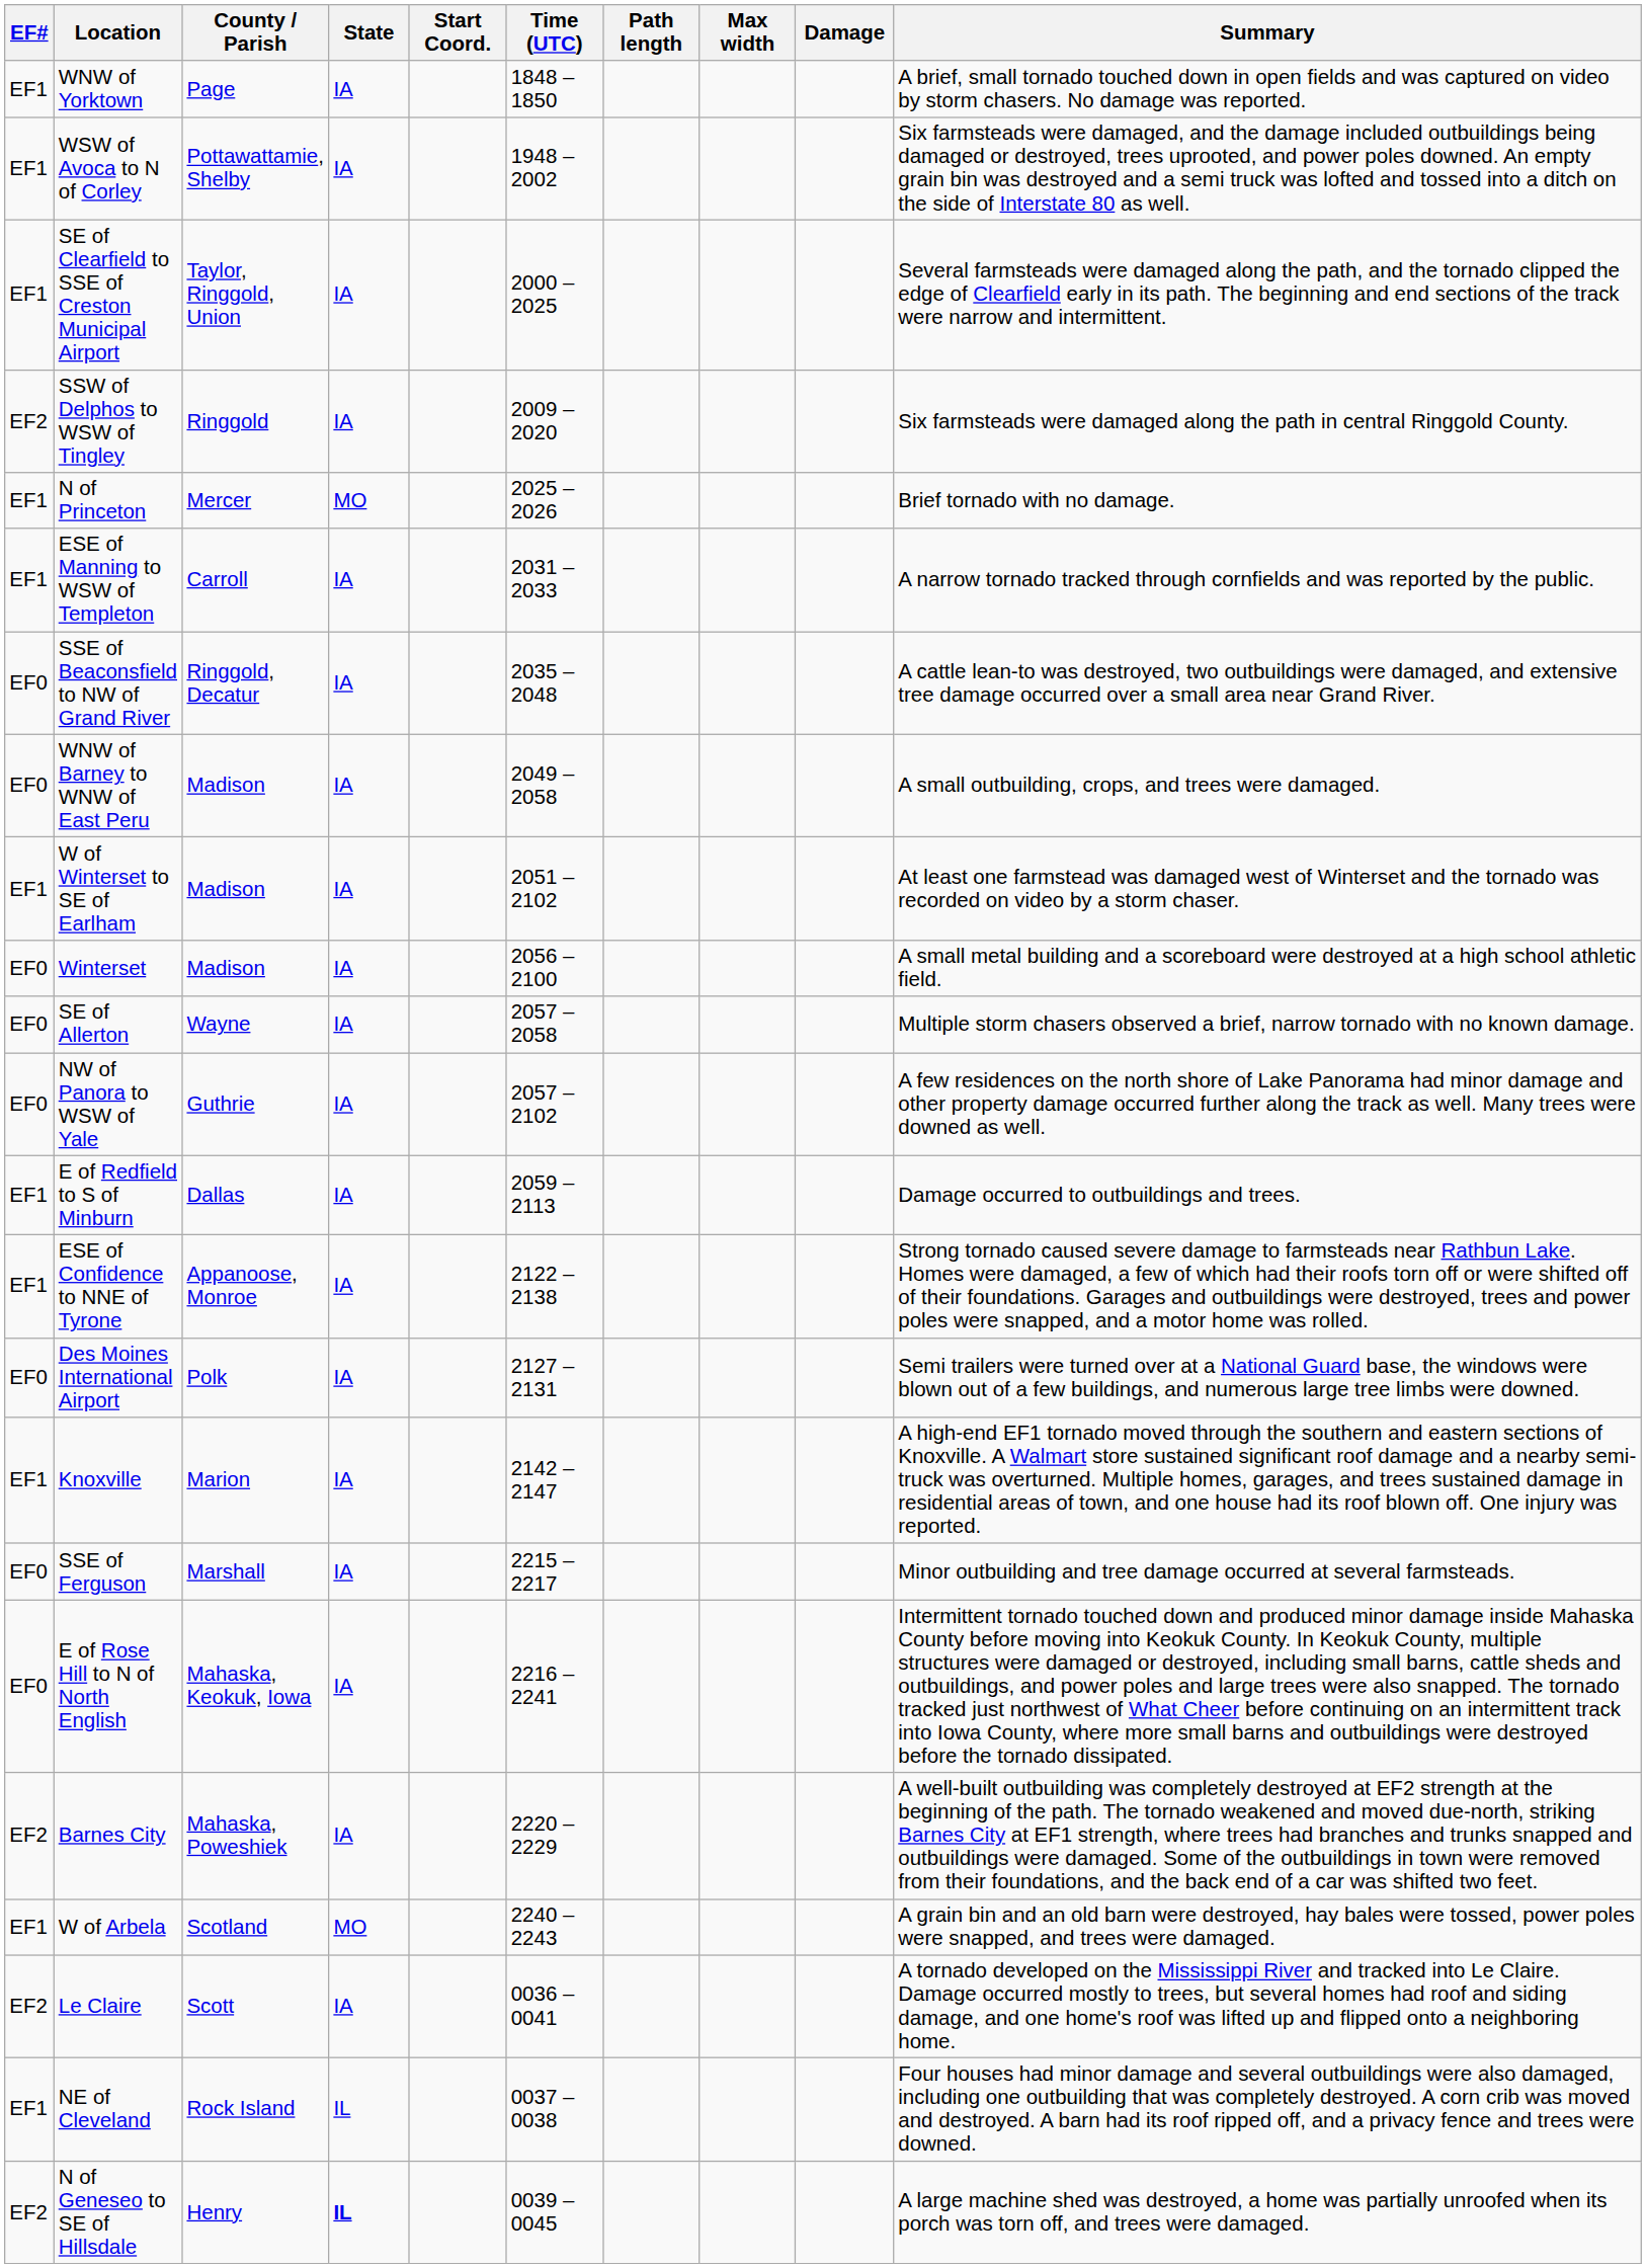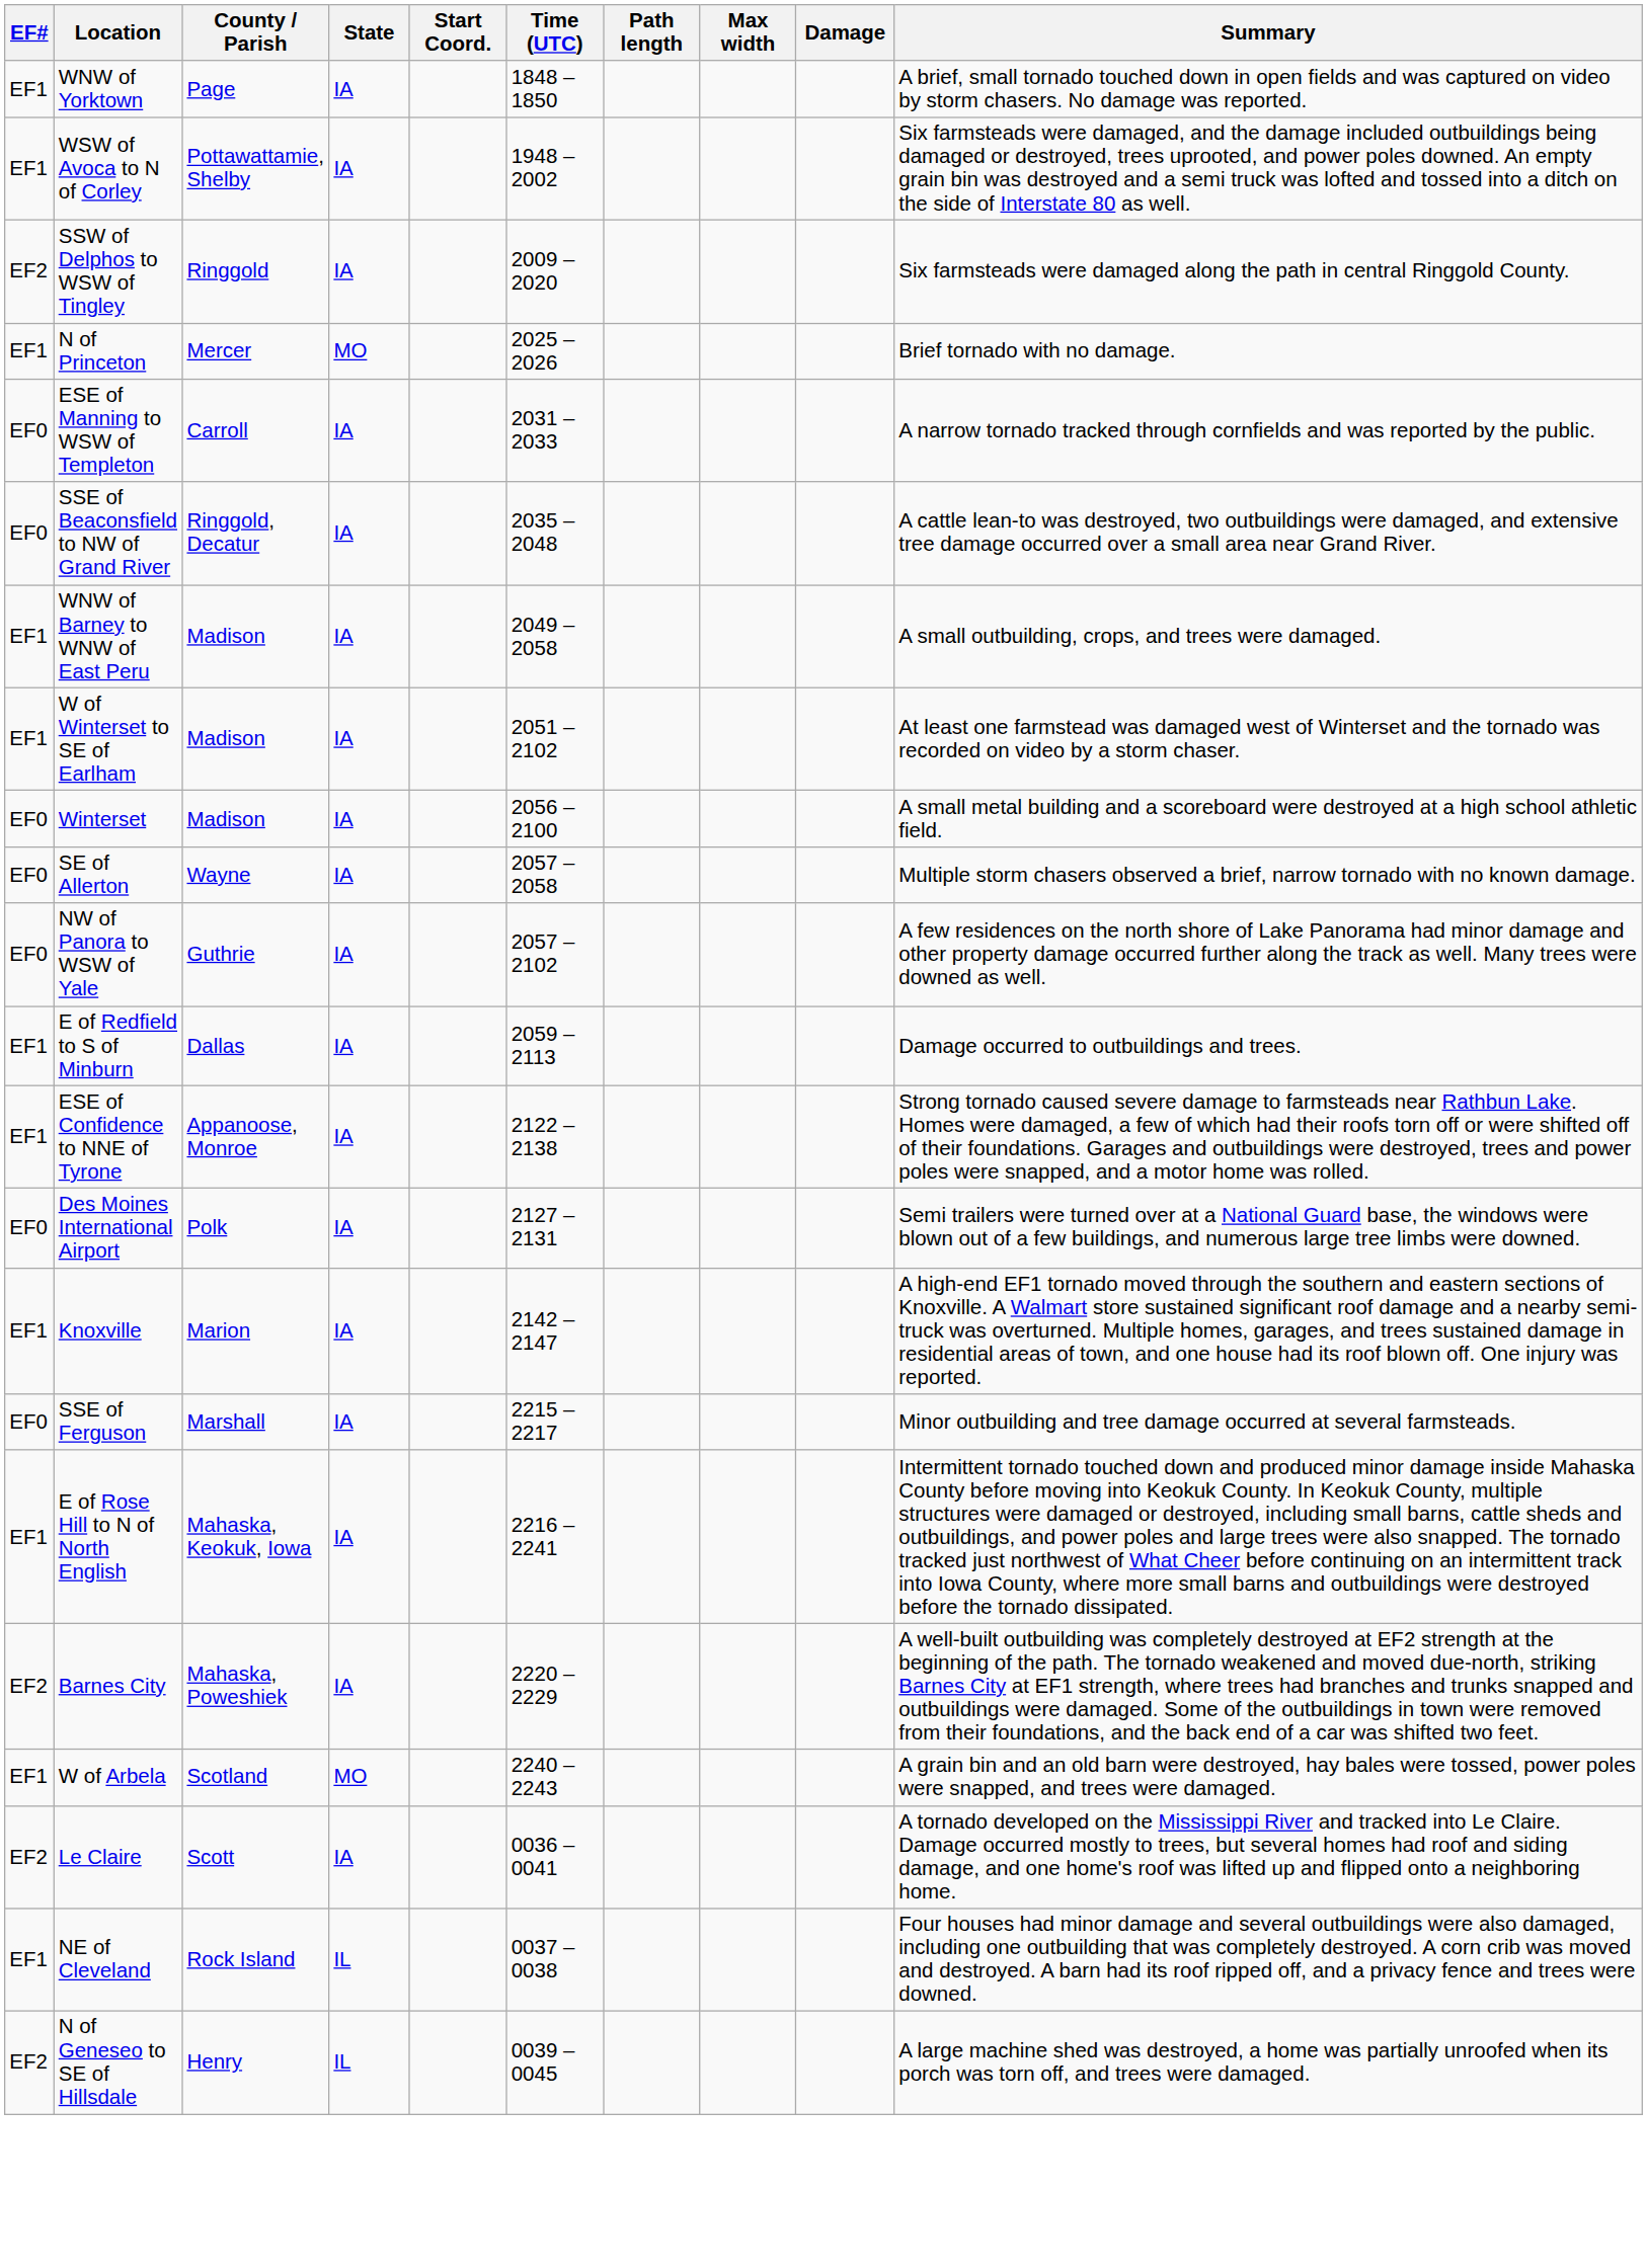 <table class="wikitable sortable" style="width:100%;">
 <tr>
 <th scope="col"  style="width:3%; text-align:center;"><a href='#'>EF#</a></th>
 <th scope"col"  style="width:7%; text-align:center;" class="unsortable">Location</th>
 <th scope="col"  style="width:6%; text-align:center;" class="unsortable">County / Parish</th>
 <th scope="col"  style="width:5%; text-align:center;">State</th>
 <th scope="col"  style="width:6%; text-align:center;">Start Coord.</th>
 <th scope="col"  style="width:6%; text-align:center;">Time (<a href='#'>UTC</a>)</th>
 <th scope="col"  style="width:6%; text-align:center;">Path length</th>
 <th scope="col"  style="width:6%; text-align:center;">Max width</th>
 <th scope="col"  style="width:6%; text-align:center;">Damage</th>
 <th scope="col" class="unsortable" style="width:48%; text-align:center;">Summary</th>
 </tr>
 <tr>
 <td>EF1</td>
 <td>WNW of <a href='#'>Yorktown</a></td>
 <td><a href='#'>Page</a></td>
 <td><a href='#'>IA</a></td>
 <td></td>
 <td>1848 – 1850</td>
 <td></td>
 <td></td>
 <td></td>
 <td>A brief, small tornado touched down in open fields and was captured on video by storm chasers. No damage was reported.</td>
 </tr>
 <tr>
 <td>EF1</td>
 <td>WSW of <a href='#'>Avoca</a> to N of <a href='#'>Corley</a></td>
 <td><a href='#'>Pottawattamie</a>, <a href='#'>Shelby</a></td>
 <td><a href='#'>IA</a></td>
 <td></td>
 <td>1948 – 2002</td>
 <td></td>
 <td></td>
 <td></td>
 <td>Six farmsteads were damaged, and the damage included outbuildings being damaged or destroyed, trees uprooted, and power poles downed. An empty grain bin was destroyed and a semi truck was lofted and tossed into a ditch on the side of <a href='#'>Interstate 80</a> as well.</td>
 </tr>
 <tr>
-<td>EF1</td>
-<td>SE of <a href='#'>Clearfield</a> to SSE of <a href='#'>Creston Municipal Airport</a></td>
-<td><a href='#'>Taylor</a>, <a href='#'>Ringgold</a>, <a href='#'>Union</a></td>
-<td><a href='#'>IA</a></td>
-<td></td>
-<td>2000 – 2025</td>
-<td></td>
-<td></td>
-<td></td>
-<td>Several farmsteads were damaged along the path, and the tornado clipped the edge of <a href='#'>Clearfield</a> early in its path. The beginning and end sections of the track were narrow and intermittent.</td>
-</tr>
-<tr>
 <td>EF2</td>
 <td>SSW of <a href='#'>Delphos</a> to WSW of <a href='#'>Tingley</a></td>
 <td><a href='#'>Ringgold</a></td>
 <td><a href='#'>IA</a></td>
 <td></td>
 <td>2009 – 2020</td>
 <td></td>
 <td></td>
 <td></td>
 <td>Six farmsteads were damaged along the path in central Ringgold County.</td>
 </tr>
 <tr>
 <td>EF1</td>
 <td>N of <a href='#'>Princeton</a></td>
 <td><a href='#'>Mercer</a></td>
 <td><a href='#'>MO</a></td>
 <td></td>
 <td>2025 – 2026</td>
 <td></td>
 <td></td>
 <td></td>
 <td>Brief tornado with no damage.</td>
 </tr>
 <tr>
-<td>EF1</td>
+<td>EF0</td>
 <td>ESE of <a href='#'>Manning</a> to WSW of <a href='#'>Templeton</a></td>
 <td><a href='#'>Carroll</a></td>
 <td><a href='#'>IA</a></td>
 <td></td>
 <td>2031 – 2033</td>
 <td></td>
 <td></td>
 <td></td>
 <td>A narrow tornado tracked through cornfields and was reported by the public.</td>
 </tr>
 <tr>
 <td>EF0</td>
 <td>SSE of <a href='#'>Beaconsfield</a> to NW of <a href='#'>Grand River</a></td>
 <td><a href='#'>Ringgold</a>, <a href='#'>Decatur</a></td>
 <td><a href='#'>IA</a></td>
 <td></td>
 <td>2035 – 2048</td>
 <td></td>
 <td></td>
 <td></td>
 <td>A cattle lean-to was destroyed, two outbuildings were damaged, and extensive tree damage occurred over a small area near Grand River.</td>
 </tr>
 <tr>
-<td>EF0</td>
+<td>EF1</td>
 <td>WNW of <a href='#'>Barney</a> to WNW of <a href='#'>East Peru</a></td>
 <td><a href='#'>Madison</a></td>
 <td><a href='#'>IA</a></td>
 <td></td>
 <td>2049 – 2058</td>
 <td></td>
 <td></td>
 <td></td>
 <td>A small outbuilding, crops, and trees were damaged.</td>
 </tr>
 <tr>
 <td>EF1</td>
 <td>W of <a href='#'>Winterset</a> to SE of <a href='#'>Earlham</a></td>
 <td><a href='#'>Madison</a></td>
 <td><a href='#'>IA</a></td>
 <td></td>
 <td>2051 – 2102</td>
 <td></td>
 <td></td>
 <td></td>
 <td>At least one farmstead was damaged west of Winterset and the tornado was recorded on video by a storm chaser.</td>
 </tr>
 <tr>
 <td>EF0</td>
 <td><a href='#'>Winterset</a></td>
 <td><a href='#'>Madison</a></td>
 <td><a href='#'>IA</a></td>
 <td></td>
 <td>2056 – 2100</td>
 <td></td>
 <td></td>
 <td></td>
 <td>A small metal building and a scoreboard were destroyed at a high school athletic field.</td>
 </tr>
 <tr>
 <td>EF0</td>
 <td>SE of <a href='#'>Allerton</a></td>
 <td><a href='#'>Wayne</a></td>
 <td><a href='#'>IA</a></td>
 <td></td>
 <td>2057 – 2058</td>
 <td></td>
 <td></td>
 <td></td>
 <td>Multiple storm chasers observed a brief, narrow tornado with no known damage.</td>
 </tr>
 <tr>
 <td>EF0</td>
 <td>NW of <a href='#'>Panora</a> to WSW of <a href='#'>Yale</a></td>
 <td><a href='#'>Guthrie</a></td>
 <td><a href='#'>IA</a></td>
 <td></td>
 <td>2057 – 2102</td>
 <td></td>
 <td></td>
 <td></td>
 <td>A few residences on the north shore of Lake Panorama had minor damage and other property damage occurred further along the track as well. Many trees were downed as well.</td>
 </tr>
 <tr>
 <td>EF1</td>
 <td>E of <a href='#'>Redfield</a> to S of <a href='#'>Minburn</a></td>
 <td><a href='#'>Dallas</a></td>
 <td><a href='#'>IA</a></td>
 <td></td>
 <td>2059 – 2113</td>
 <td></td>
 <td></td>
 <td></td>
 <td>Damage occurred to outbuildings and trees.</td>
 </tr>
 <tr>
 <td>EF1</td>
 <td>ESE of <a href='#'>Confidence</a> to NNE of <a href='#'>Tyrone</a></td>
 <td><a href='#'>Appanoose</a>, <a href='#'>Monroe</a></td>
 <td><a href='#'>IA</a></td>
 <td></td>
 <td>2122 – 2138</td>
 <td></td>
 <td></td>
 <td></td>
 <td>Strong tornado caused severe damage to farmsteads near <a href='#'>Rathbun Lake</a>. Homes were damaged, a few of which had their roofs torn off or were shifted off of their foundations. Garages and outbuildings were destroyed, trees and power poles were snapped, and a motor home was rolled.</td>
 </tr>
 <tr>
 <td>EF0</td>
 <td><a href='#'>Des Moines International Airport</a></td>
 <td><a href='#'>Polk</a></td>
 <td><a href='#'>IA</a></td>
 <td></td>
 <td>2127 – 2131</td>
 <td></td>
 <td></td>
 <td></td>
 <td>Semi trailers were turned over at a <a href='#'>National Guard</a> base, the windows were blown out of a few buildings, and numerous large tree limbs were downed.</td>
 </tr>
 <tr>
 <td>EF1</td>
 <td><a href='#'>Knoxville</a></td>
 <td><a href='#'>Marion</a></td>
 <td><a href='#'>IA</a></td>
 <td></td>
 <td>2142 – 2147</td>
 <td></td>
 <td></td>
 <td></td>
 <td>A high-end EF1 tornado moved through the southern and eastern sections of Knoxville. A <a href='#'>Walmart</a> store sustained significant roof damage and a nearby semi-truck was overturned. Multiple homes, garages, and trees sustained damage in residential areas of town, and one house had its roof blown off. One injury was reported.</td>
 </tr>
 <tr>
 <td>EF0</td>
 <td>SSE of <a href='#'>Ferguson</a></td>
 <td><a href='#'>Marshall</a></td>
 <td><a href='#'>IA</a></td>
 <td></td>
 <td>2215 – 2217</td>
 <td></td>
 <td></td>
 <td></td>
 <td>Minor outbuilding and tree damage occurred at several farmsteads.</td>
 </tr>
 <tr>
-<td>EF0</td>
+<td>EF1</td>
 <td>E of <a href='#'>Rose Hill</a> to N of <a href='#'>North English</a></td>
 <td><a href='#'>Mahaska</a>, <a href='#'>Keokuk</a>, <a href='#'>Iowa</a></td>
 <td><a href='#'>IA</a></td>
 <td></td>
 <td>2216 – 2241</td>
 <td></td>
 <td></td>
 <td></td>
 <td>Intermittent tornado touched down and produced minor damage inside Mahaska County before moving into Keokuk County. In Keokuk County, multiple structures were damaged or destroyed, including small barns, cattle sheds and outbuildings, and power poles and large trees were also snapped. The tornado tracked just northwest of <a href='#'>What Cheer</a> before continuing on an intermittent track into Iowa County, where more small barns and outbuildings were destroyed before the tornado dissipated.</td>
 </tr>
 <tr>
 <td>EF2</td>
 <td><a href='#'>Barnes City</a></td>
 <td><a href='#'>Mahaska</a>, <a href='#'>Poweshiek</a></td>
 <td><a href='#'>IA</a></td>
 <td></td>
 <td>2220 – 2229</td>
 <td></td>
 <td></td>
 <td></td>
 <td>A well-built outbuilding was completely destroyed at EF2 strength at the beginning of the path. The tornado weakened and moved due-north, striking <a href='#'>Barnes City</a> at EF1 strength, where trees had branches and trunks snapped and outbuildings were damaged. Some of the outbuildings in town were removed from their foundations, and the back end of a car was shifted two feet.</td>
 </tr>
 <tr>
 <td>EF1</td>
 <td>W of <a href='#'>Arbela</a></td>
 <td><a href='#'>Scotland</a></td>
 <td><a href='#'>MO</a></td>
 <td></td>
 <td>2240 – 2243</td>
 <td></td>
 <td></td>
 <td></td>
 <td>A grain bin and an old barn were destroyed, hay bales were tossed, power poles were snapped, and trees were damaged.</td>
 </tr>
 <tr>
 <td>EF2</td>
 <td><a href='#'>Le Claire</a></td>
 <td><a href='#'>Scott</a></td>
 <td><a href='#'>IA</a></td>
 <td></td>
 <td>0036 – 0041</td>
 <td></td>
 <td></td>
 <td></td>
 <td>A tornado developed on the <a href='#'>Mississippi River</a> and tracked into Le Claire. Damage occurred mostly to trees, but several homes had roof and siding damage, and one home's roof was lifted up and flipped onto a neighboring home.</td>
 </tr>
 <tr>
 <td>EF1</td>
 <td>NE of <a href='#'>Cleveland</a></td>
 <td><a href='#'>Rock Island</a></td>
 <td><a href='#'>IL</a></td>
 <td></td>
 <td>0037 – 0038</td>
 <td></td>
 <td></td>
 <td></td>
 <td>Four houses had minor damage and several outbuildings were also damaged, including one outbuilding that was completely destroyed. A corn crib was moved  and destroyed. A barn had its roof ripped off, and a privacy fence and trees were downed.</td>
 </tr>
 <tr>
 <td>EF2</td>
 <td>N of <a href='#'>Geneseo</a> to SE of <a href='#'>Hillsdale</a></td>
 <td><a href='#'>Henry</a></td>
-<td><strong><a href='#'>IL</a></strong></td>
+<td><a href='#'>IL</a></td>
 <td></td>
 <td>0039 – 0045</td>
 <td></td>
 <td></td>
 <td></td>
 <td>A large machine shed was destroyed, a home was partially unroofed when its porch was torn off, and trees were damaged.</td>
 </tr>
 <tr>
 </tr>
 </table>
